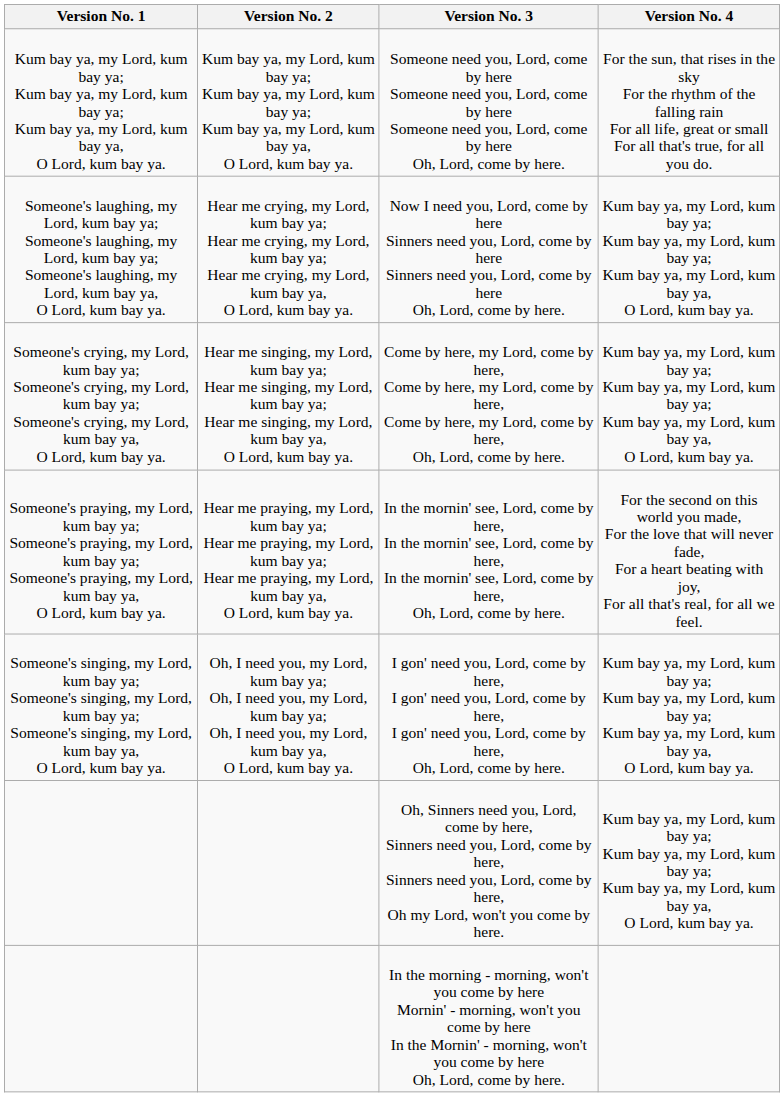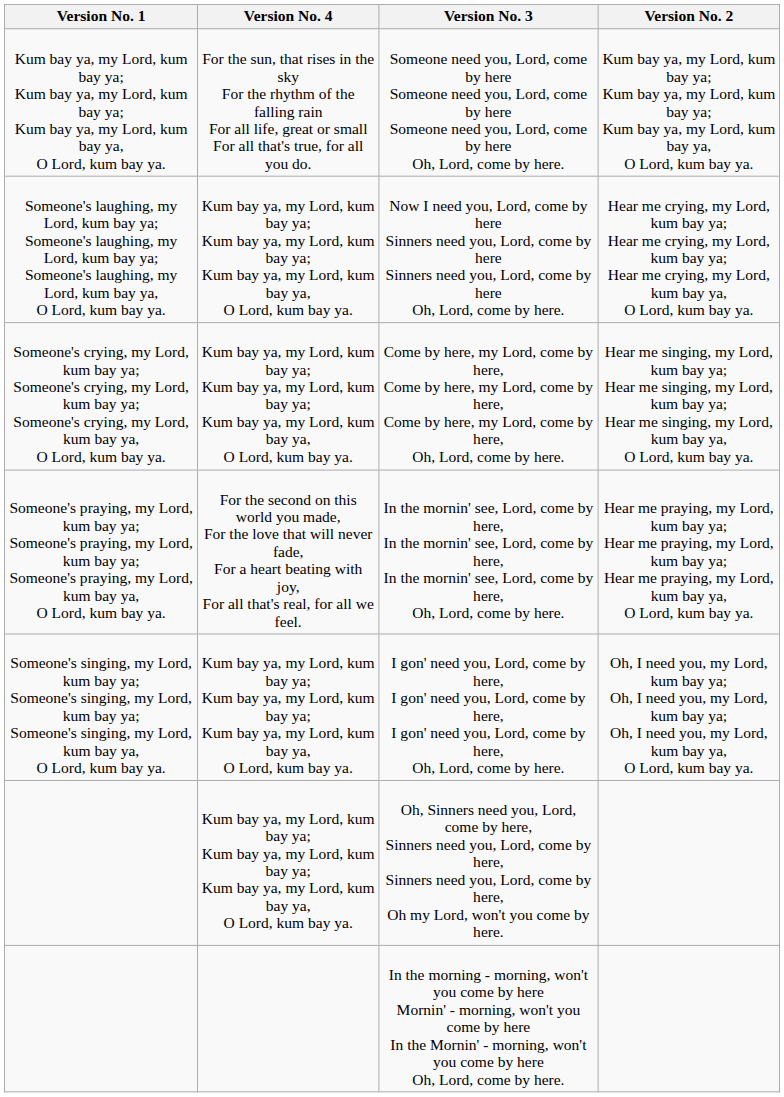 <table class="wikitable" width="800">
 <tr>
 <th align="center" width="270">Version No. 1</th>
+<th align="center" width="260">Version No. 4</th>
+<th align="center" width="320">Version No. 3</th>
 <th align="center" width="260">Version No. 2</th>
-<th align="center" width="320">Version No. 3</th>
-<th align="center" width="260">Version No. 4</th>
 </tr>
 <tr>
 <td align="center"><br>Kum bay ya, my Lord, kum bay ya;<br> Kum bay ya, my Lord, kum bay ya;<br> Kum bay ya, my Lord, kum bay ya,<br> O Lord, kum bay ya.</td>
+<td align="center"><br>For the sun, that rises in the sky<br> For the rhythm of the falling rain<br> For all life, great or small<br> For all that's true, for all you do.</td>
+<td align="center"><br>Someone need you, Lord, come by here<br> Someone need you, Lord, come by here<br> Someone need you, Lord, come by here<br> Oh, Lord, come by here.</td>
 <td align="center"><br>Kum bay ya, my Lord, kum bay ya;<br> Kum bay ya, my Lord, kum bay ya;<br> Kum bay ya, my Lord, kum bay ya,<br> O Lord, kum bay ya.</td>
-<td align="center"><br>Someone need you, Lord, come by here<br> Someone need you, Lord, come by here<br> Someone need you, Lord, come by here<br> Oh, Lord, come by here.</td>
-<td align="center"><br>For the sun, that rises in the sky<br> For the rhythm of the falling rain<br> For all life, great or small<br> For all that's true, for all you do.</td>
 </tr>
 <tr>
 <td align="center"><br>Someone's laughing, my Lord, kum bay ya;<br> Someone's laughing, my Lord, kum bay ya;<br> Someone's laughing, my Lord, kum bay ya,<br> O Lord, kum bay ya.</td>
+<td align="center"><br>Kum bay ya, my Lord, kum bay ya;<br> Kum bay ya, my Lord, kum bay ya;<br> Kum bay ya, my Lord, kum bay ya,<br> O Lord, kum bay ya.</td>
+<td align="center"><br>Now I need you, Lord, come by here<br> Sinners need you, Lord, come by here<br> Sinners need you, Lord, come by here<br> Oh, Lord, come by here.</td>
 <td align="center"><br>Hear me crying, my Lord, kum bay ya;<br> Hear me crying, my Lord, kum bay ya;<br> Hear me crying, my Lord, kum bay ya,<br> O Lord, kum bay ya.</td>
-<td align="center"><br>Now I need you, Lord, come by here<br> Sinners need you, Lord, come by here<br> Sinners need you, Lord, come by here<br> Oh, Lord, come by here.</td>
-<td align="center"><br>Kum bay ya, my Lord, kum bay ya;<br> Kum bay ya, my Lord, kum bay ya;<br> Kum bay ya, my Lord, kum bay ya,<br> O Lord, kum bay ya.</td>
 </tr>
 <tr>
 <td align="center"><br>Someone's crying, my Lord, kum bay ya;<br> Someone's crying, my Lord, kum bay ya;<br> Someone's crying, my Lord, kum bay ya,<br> O Lord, kum bay ya.</td>
+<td align="center"><br>Kum bay ya, my Lord, kum bay ya;<br> Kum bay ya, my Lord, kum bay ya;<br> Kum bay ya, my Lord, kum bay ya,<br> O Lord, kum bay ya.</td>
+<td align="center"><br>Come by here, my Lord, come by here,<br> Come by here, my Lord, come by here,<br> Come by here, my Lord, come by here,<br> Oh, Lord, come by here.</td>
 <td align="center"><br>Hear me singing, my Lord, kum bay ya;<br> Hear me singing, my Lord, kum bay ya;<br> Hear me singing, my Lord, kum bay ya,<br> O Lord, kum bay ya.</td>
-<td align="center"><br>Come by here, my Lord, come by here,<br> Come by here, my Lord, come by here,<br> Come by here, my Lord, come by here,<br> Oh, Lord, come by here.</td>
-<td align="center"><br>Kum bay ya, my Lord, kum bay ya;<br> Kum bay ya, my Lord, kum bay ya;<br> Kum bay ya, my Lord, kum bay ya,<br> O Lord, kum bay ya.</td>
 </tr>
 <tr>
 <td align="center"><br>Someone's praying, my Lord, kum bay ya;<br> Someone's praying, my Lord, kum bay ya;<br> Someone's praying, my Lord, kum bay ya,<br> O Lord, kum bay ya.</td>
+<td align="center"><br>For the second on this world you made,<br> For the love that will never fade,<br> For a heart beating with joy,<br> For all that's real, for all we feel.</td>
+<td align="center"><br>In the mornin' see, Lord, come by here,<br> In the mornin' see, Lord, come by here,<br> In the mornin' see, Lord, come by here,<br> Oh, Lord, come by here.</td>
 <td align="center"><br>Hear me praying, my Lord, kum bay ya;<br> Hear me praying, my Lord, kum bay ya;<br> Hear me praying, my Lord, kum bay ya,<br> O Lord, kum bay ya.</td>
-<td align="center"><br>In the mornin' see, Lord, come by here,<br> In the mornin' see, Lord, come by here,<br> In the mornin' see, Lord, come by here,<br> Oh, Lord, come by here.</td>
-<td align="center"><br>For the second on this world you made,<br> For the love that will never fade,<br> For a heart beating with joy,<br> For all that's real, for all we feel.</td>
 </tr>
 <tr>
 <td align="center"><br>Someone's singing, my Lord, kum bay ya;<br> Someone's singing, my Lord, kum bay ya;<br> Someone's singing, my Lord, kum bay ya,<br> O Lord, kum bay ya.</td>
+<td align="center"><br>Kum bay ya, my Lord, kum bay ya;<br> Kum bay ya, my Lord, kum bay ya;<br> Kum bay ya, my Lord, kum bay ya,<br> O Lord, kum bay ya.</td>
+<td align="center"><br>I gon' need you, Lord, come by here,<br> I gon' need you, Lord, come by here,<br> I gon' need you, Lord, come by here,<br> Oh, Lord, come by here.</td>
 <td align="center"><br>Oh, I need you, my Lord, kum bay ya;<br> Oh, I need you, my Lord, kum bay ya;<br> Oh, I need you, my Lord, kum bay ya,<br> O Lord, kum bay ya.</td>
-<td align="center"><br>I gon' need you, Lord, come by here,<br> I gon' need you, Lord, come by here,<br> I gon' need you, Lord, come by here,<br> Oh, Lord, come by here.</td>
-<td align="center"><br>Kum bay ya, my Lord, kum bay ya;<br> Kum bay ya, my Lord, kum bay ya;<br> Kum bay ya, my Lord, kum bay ya,<br> O Lord, kum bay ya.</td>
 </tr>
 <tr>
 <td align="center"></td>
+<td align="center"><br>Kum bay ya, my Lord, kum bay ya;<br> Kum bay ya, my Lord, kum bay ya;<br> Kum bay ya, my Lord, kum bay ya,<br> O Lord, kum bay ya.</td>
+<td align="center"><br>Oh, Sinners need you, Lord, come by here,<br> Sinners need you, Lord, come by here,<br> Sinners need you, Lord, come by here,<br> Oh my Lord, won't you come by here.</td>
 <td align="center"></td>
-<td align="center"><br>Oh, Sinners need you, Lord, come by here,<br> Sinners need you, Lord, come by here,<br> Sinners need you, Lord, come by here,<br> Oh my Lord, won't you come by here.</td>
-<td align="center"><br>Kum bay ya, my Lord, kum bay ya;<br> Kum bay ya, my Lord, kum bay ya;<br> Kum bay ya, my Lord, kum bay ya,<br> O Lord, kum bay ya.</td>
 </tr>
 <tr>
 <td></td>
 <td></td>
 <td align="center"><br>In the morning - morning, won't you come by here<br> Mornin' - morning, won't you come by here<br> In the Mornin' - morning, won't you come by here<br> Oh, Lord, come by here.</td>
 <td></td>
 </tr>
 </table>
